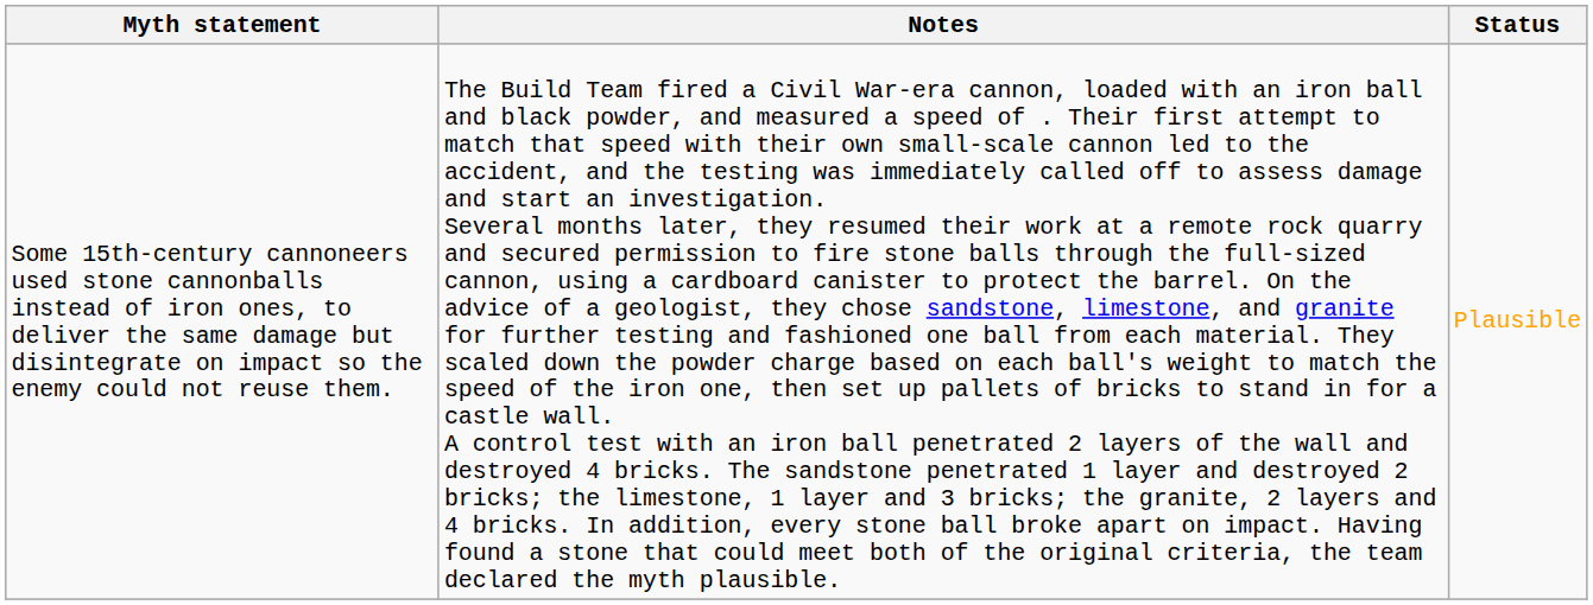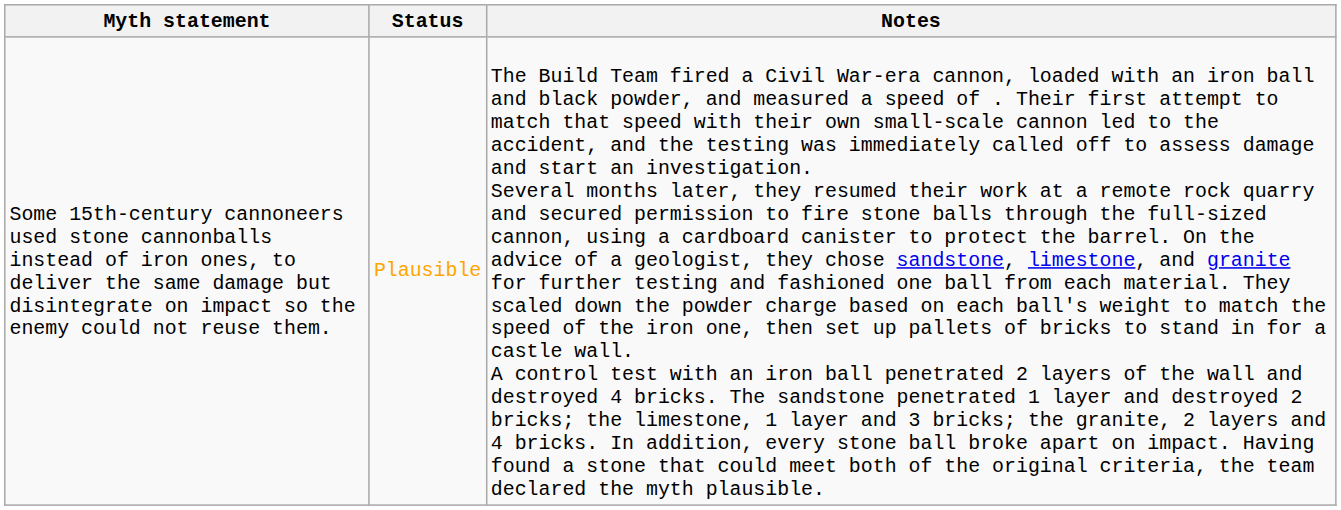 <table class="wikitable plainrowheaders">
 <tr>
 <th>Myth statement</th>
+<th>Status</th>
 <th>Notes</th>
-<th>Status</th>
 </tr>
 <tr>
 <td>Some 15th-century cannoneers used stone cannonballs instead of iron ones, to deliver the same damage but disintegrate on impact so the enemy could not reuse them.</td>
+<td style="color:orange">Plausible</td>
 <td><br>The Build Team fired a Civil War-era cannon, loaded with an iron ball and  black powder, and measured a speed of . Their first attempt to match that speed with their own small-scale cannon led to the accident, and the testing was immediately called off to assess damage and start an investigation.<br>Several months later, they resumed their work at a remote rock quarry and secured permission to fire stone balls through the full-sized cannon, using a cardboard canister to protect the barrel. On the advice of a geologist, they chose <a href='#'>sandstone</a>, <a href='#'>limestone</a>, and <a href='#'>granite</a> for further testing and fashioned one ball from each material. They scaled down the powder charge based on each ball's weight to match the speed of the iron one, then set up pallets of bricks to stand in for a castle wall.<br>A control test with an iron ball penetrated 2 layers of the wall and destroyed 4 bricks. The sandstone penetrated 1 layer and destroyed 2 bricks; the limestone, 1 layer and 3 bricks; the granite, 2 layers and 4 bricks. In addition, every stone ball broke apart on impact. Having found a stone that could meet both of the original criteria, the team declared the myth plausible.</td>
-<td style="color:orange">Plausible</td>
 </tr>
 </table>
